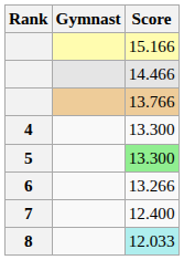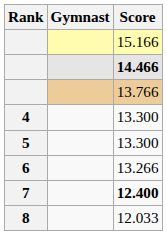 <table class="wikitable sortable" style="text-align:center; font-size:95%">
 <tr>
 <th scope=col>Rank</th>
 <th scope=col>Gymnast</th>
 <th scope=col>Score</th>
 </tr>
 <tr bgcolor=fffcaf>
 <th scope=row style="text-align:center"></th>
 <td align=left></td>
 <td>15.166</td>
 </tr>
 <tr bgcolor=e5e5e5>
 <th scope=row style="text-align:center"></th>
 <td align=left></td>
-<td>14.466</td>
+<td><strong>14.466</strong></td>
 </tr>
 <tr bgcolor=eecc99>
 <th scope=row style="text-align:center"></th>
 <td align=left></td>
 <td>13.766</td>
 </tr>
 <tr>
 <th>4</th>
 <td align=left></td>
 <td>13.300</td>
 </tr>
 <tr>
 <th>5</th>
 <td align=left></td>
-<td style="background: lightgreen;">13.300</td>
+<td>13.300</td>
 </tr>
 <tr>
 <th>6</th>
 <td align=left></td>
 <td>13.266</td>
 </tr>
 <tr>
 <th>7</th>
 <td align=left></td>
-<td>12.400</td>
+<td><strong>12.400</strong></td>
 </tr>
 <tr>
 <th>8</th>
 <td align=left></td>
-<td style="background: paleturquoise;">12.033</td>
+<td>12.033</td>
 </tr>
 <tr>
 </tr>
 </table>
